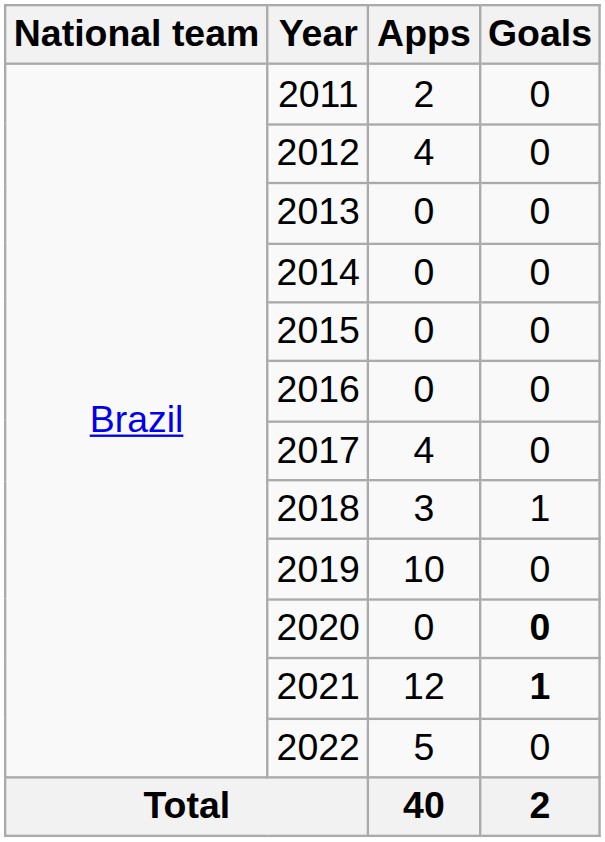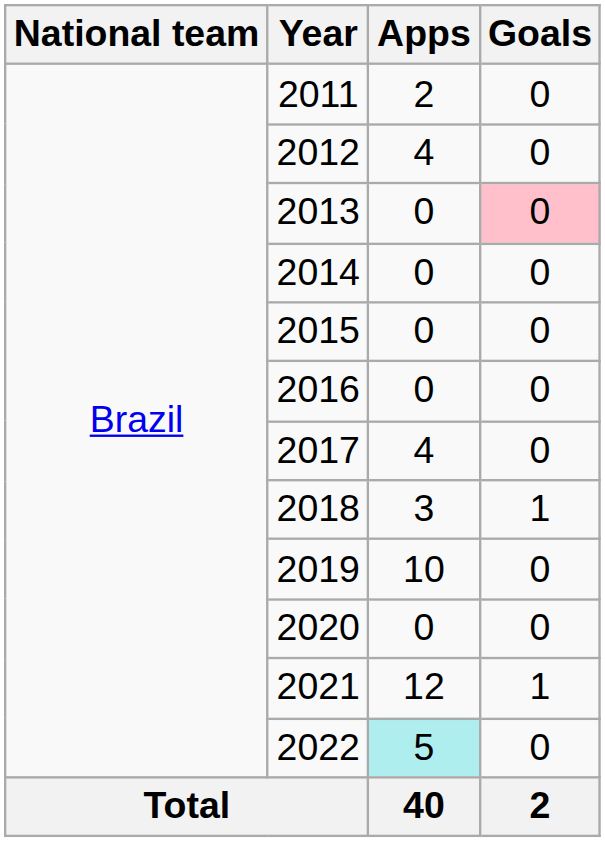 <table class="wikitable" style="text-align:center">
 <tr>
 <th>National team</th>
 <th>Year</th>
 <th>Apps</th>
 <th>Goals</th>
 </tr>
 <tr>
 <td rowspan="12"><a href='#'>Brazil</a></td>
 <td>2011</td>
 <td>2</td>
 <td>0</td>
 </tr>
 <tr>
 <td>2012</td>
 <td>4</td>
 <td>0</td>
 </tr>
 <tr>
 <td>2013</td>
 <td>0</td>
-<td>0</td>
+<td style="background: pink;">0</td>
 </tr>
 <tr>
 <td>2014</td>
 <td>0</td>
 <td>0</td>
 </tr>
 <tr>
 <td>2015</td>
 <td>0</td>
 <td>0</td>
 </tr>
 <tr>
 <td>2016</td>
 <td>0</td>
 <td>0</td>
 </tr>
 <tr>
 <td>2017</td>
 <td>4</td>
 <td>0</td>
 </tr>
 <tr>
 <td>2018</td>
 <td>3</td>
 <td>1</td>
 </tr>
 <tr>
 <td>2019</td>
 <td>10</td>
 <td>0</td>
 </tr>
 <tr>
 <td>2020</td>
 <td>0</td>
-<td><strong>0</strong></td>
+<td>0</td>
 </tr>
 <tr>
 <td>2021</td>
 <td>12</td>
-<td><strong>1</strong></td>
+<td>1</td>
 </tr>
 <tr>
 <td>2022</td>
-<td>5</td>
+<td style="background: paleturquoise;">5</td>
 <td>0</td>
 </tr>
 <tr>
 <th colspan="2">Total</th>
 <th>40</th>
 <th>2</th>
 </tr>
 </table>
